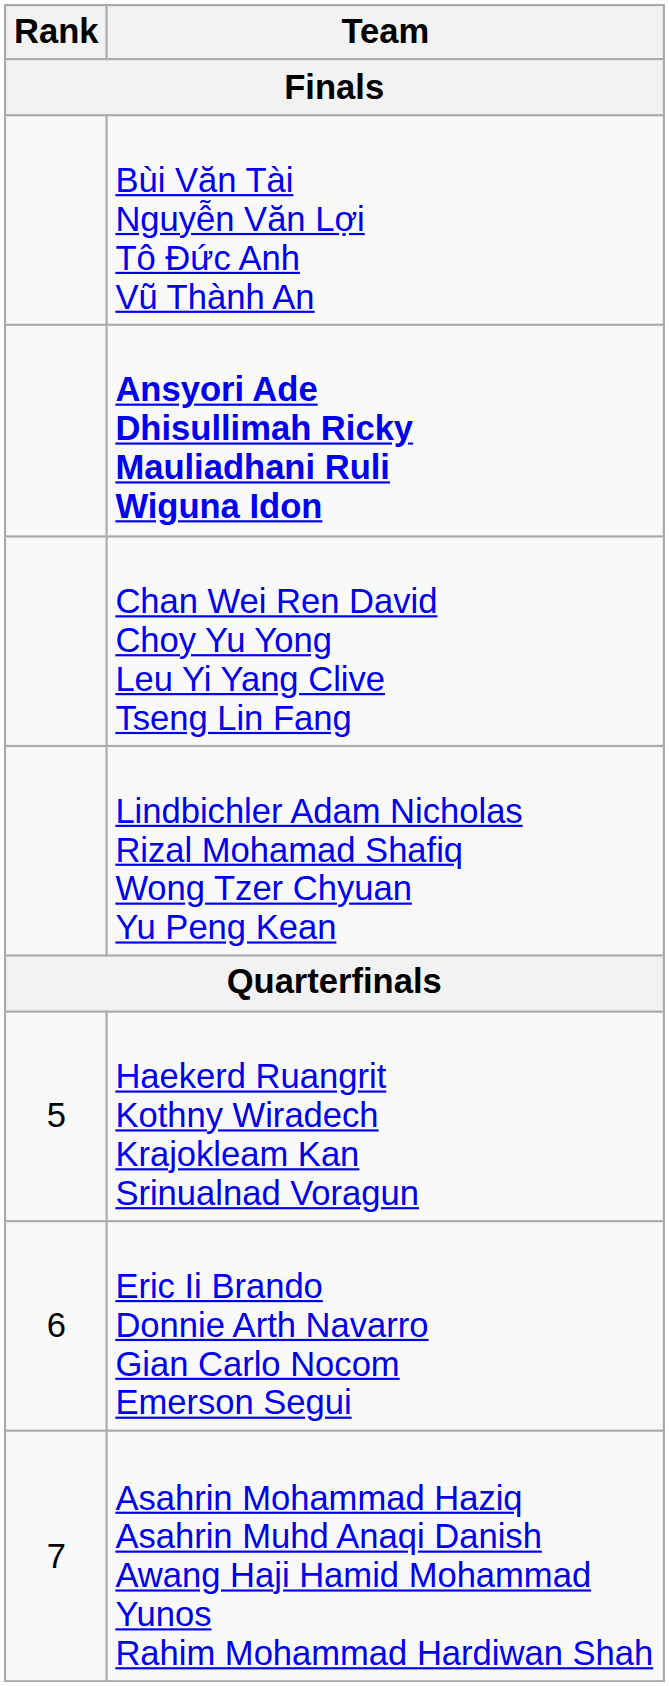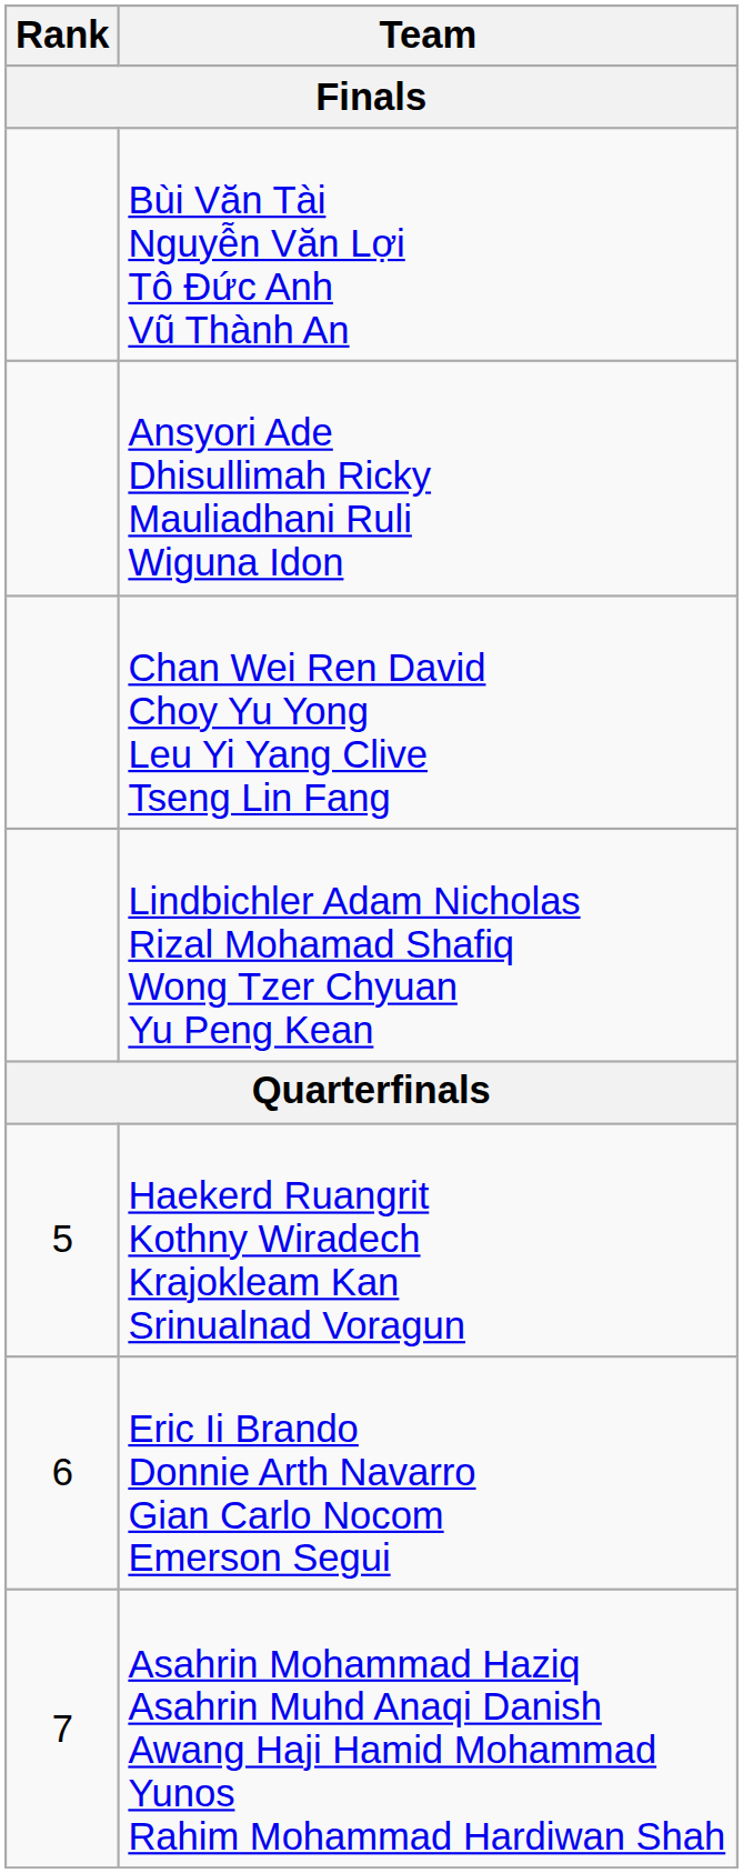 <table class="wikitable" style="text-align:center;">
 <tr>
 <th width=40>Rank</th>
 <th width=250>Team</th>
 </tr>
 <tr>
 <th colspan="2">Finals</th>
 </tr>
 <tr>
 <td></td>
 <td align=left><br><a href='#'>Bùi Văn Tài</a><br><a href='#'>Nguyễn Văn Lợi</a><br><a href='#'>Tô Đức Anh</a><br><a href='#'>Vũ Thành An</a></td>
 </tr>
 <tr>
 <td></td>
-<td align=left><strong><br><a href='#'>Ansyori Ade</a><br><a href='#'>Dhisullimah Ricky</a><br><a href='#'>Mauliadhani Ruli</a><br><a href='#'>Wiguna Idon</a></strong></td>
+<td align=left><br><a href='#'>Ansyori Ade</a><br><a href='#'>Dhisullimah Ricky</a><br><a href='#'>Mauliadhani Ruli</a><br><a href='#'>Wiguna Idon</a></td>
 </tr>
 <tr>
 <td></td>
 <td align=left><br><a href='#'>Chan Wei Ren David</a><br><a href='#'>Choy Yu Yong</a><br><a href='#'>Leu Yi Yang Clive</a><br><a href='#'>Tseng Lin Fang</a></td>
 </tr>
 <tr>
 <td></td>
 <td align=left><br><a href='#'>Lindbichler Adam Nicholas</a><br><a href='#'>Rizal Mohamad Shafiq</a><br><a href='#'>Wong Tzer Chyuan</a><br><a href='#'>Yu Peng Kean</a></td>
 </tr>
 <tr>
 <th colspan="2">Quarterfinals</th>
 </tr>
 <tr>
 <td>5</td>
 <td align=left><br><a href='#'>Haekerd Ruangrit</a><br><a href='#'>Kothny Wiradech</a><br><a href='#'>Krajokleam Kan</a><br><a href='#'>Srinualnad Voragun</a></td>
 </tr>
 <tr>
 <td>6</td>
 <td align=left><br><a href='#'>Eric Ii Brando</a><br><a href='#'>Donnie Arth Navarro</a><br><a href='#'>Gian Carlo Nocom</a><br><a href='#'>Emerson Segui</a></td>
 </tr>
 <tr>
 <td>7</td>
 <td align=left><br><a href='#'>Asahrin Mohammad Haziq</a><br><a href='#'>Asahrin Muhd Anaqi Danish</a><br><a href='#'>Awang Haji Hamid Mohammad Yunos</a><br><a href='#'>Rahim Mohammad Hardiwan Shah</a></td>
 </tr>
 </table>
